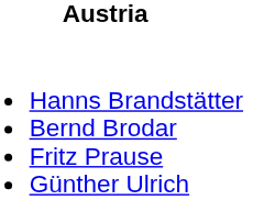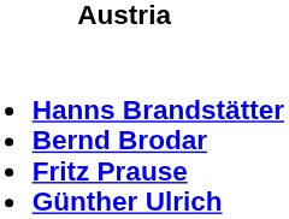 <table>
 <tr>
 <th>Austria</th>
 </tr>
 <tr>
-<td><br><ul><li><a href='#'>Hanns Brandstätter</a></li><li><a href='#'>Bernd Brodar</a></li><li><a href='#'>Fritz Prause</a></li><li><a href='#'>Günther Ulrich</a></li></ul></td>
+<td><strong><br><ul><li><a href='#'>Hanns Brandstätter</a></li><li><a href='#'>Bernd Brodar</a></li><li><a href='#'>Fritz Prause</a></li><li><a href='#'>Günther Ulrich</a></li></ul></strong></td>
 </tr>
 </table>
